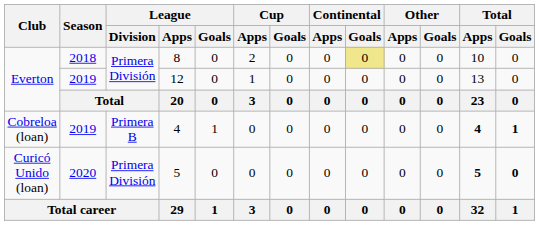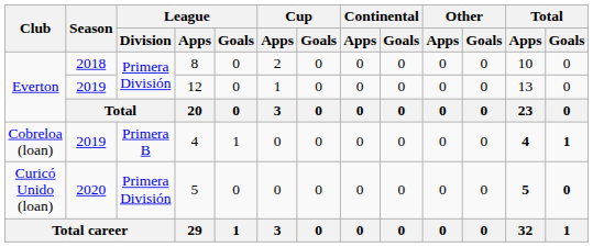 <table class="wikitable" style="text-align: center">
 <tr>
 <th rowspan="2">Club</th>
 <th rowspan="2">Season</th>
 <th colspan="3">League</th>
 <th colspan="2">Cup</th>
 <th colspan="2">Continental</th>
 <th colspan="2">Other</th>
 <th colspan="2">Total</th>
 </tr>
 <tr>
 <th>Division</th>
 <th>Apps</th>
 <th>Goals</th>
 <th>Apps</th>
 <th>Goals</th>
 <th>Apps</th>
 <th>Goals</th>
 <th>Apps</th>
 <th>Goals</th>
 <th>Apps</th>
 <th>Goals</th>
 </tr>
 <tr>
 <td rowspan="3"><a href='#'>Everton</a></td>
 <td><a href='#'>2018</a></td>
 <td rowspan="2"><a href='#'>Primera<br>División</a></td>
 <td>8</td>
 <td>0</td>
 <td>2</td>
 <td>0</td>
 <td>0</td>
-<td style="background: khaki;">0</td>
+<td>0</td>
 <td>0</td>
 <td>0</td>
 <td>10</td>
 <td>0</td>
 </tr>
 <tr>
 <td><a href='#'>2019</a></td>
 <td>12</td>
 <td>0</td>
 <td>1</td>
 <td>0</td>
 <td>0</td>
 <td>0</td>
 <td>0</td>
 <td>0</td>
 <td>13</td>
 <td>0</td>
 </tr>
 <tr>
 <th colspan="2"><strong>Total</strong></th>
 <th>20</th>
 <th>0</th>
 <th>3</th>
 <th>0</th>
 <th>0</th>
 <th>0</th>
 <th>0</th>
 <th>0</th>
 <th>23</th>
 <th>0</th>
 </tr>
 <tr>
 <td><a href='#'>Cobreloa</a><br>(loan)</td>
 <td><a href='#'>2019</a></td>
 <td><a href='#'>Primera<br>B</a></td>
 <td>4</td>
 <td>1</td>
 <td>0</td>
 <td>0</td>
 <td>0</td>
 <td>0</td>
 <td>0</td>
 <td>0</td>
 <td><strong>4</strong></td>
 <td><strong>1</strong></td>
 </tr>
 <tr>
 <td><a href='#'>Curicó Unido</a><br>(loan)</td>
 <td><a href='#'>2020</a></td>
 <td><a href='#'>Primera<br>División</a></td>
 <td>5</td>
 <td>0</td>
 <td>0</td>
 <td>0</td>
 <td>0</td>
 <td>0</td>
 <td>0</td>
 <td>0</td>
 <td><strong>5</strong></td>
 <td><strong>0</strong></td>
 </tr>
 <tr>
 <th colspan="3"><strong>Total career</strong></th>
 <th>29</th>
 <th>1</th>
 <th>3</th>
 <th>0</th>
 <th>0</th>
 <th>0</th>
 <th>0</th>
 <th>0</th>
 <th>32</th>
 <th>1</th>
 </tr>
 </table>
